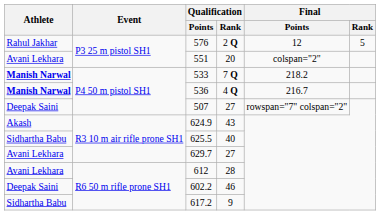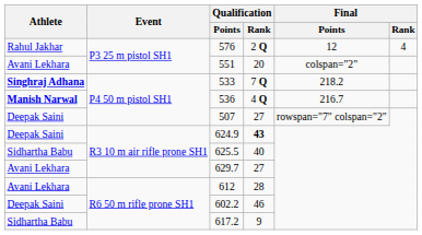 <table class=wikitable style="font-size:90%; text-align:center">
 <tr>
 <th rowspan="2">Athlete</th>
 <th rowspan="2">Event</th>
 <th colspan="2">Qualification</th>
 <th colspan="2">Final</th>
 </tr>
 <tr style="font-size:95%">
 <th>Points</th>
 <th>Rank</th>
 <th>Points</th>
 <th>Rank</th>
 </tr>
 <tr>
 <td align=left><a href='#'>Rahul Jakhar</a></td>
 <td align=left rowspan=2><a href='#'>P3 25 m pistol SH1</a></td>
 <td>576</td>
 <td>2 <strong>Q</strong></td>
 <td>12</td>
-<td>5</td>
+<td>4</td>
 </tr>
 <tr>
 <td align=left><a href='#'>Avani Lekhara</a></td>
 <td>551</td>
 <td>20</td>
 <td>colspan="2"</td>
 </tr>
 <tr>
-<td align=left><strong><a href='#'>Manish Narwal</a></strong></td>
+<td align=left><strong><a href='#'>Singhraj Adhana</a></strong></td>
 <td align=left rowspan=3><a href='#'>P4 50 m pistol SH1</a></td>
 <td>533</td>
 <td>7 <strong>Q</strong></td>
 <td>218.2 </td>
 <td></td>
 </tr>
 <tr>
 <td align=left><strong><a href='#'>Manish Narwal</a></strong></td>
 <td>536</td>
 <td>4 <strong>Q</strong></td>
 <td>216.7</td>
 <td></td>
 </tr>
 <tr>
 <td align=left><a href='#'>Deepak Saini</a></td>
 <td>507</td>
 <td>27</td>
 <td>rowspan="7" colspan="2"</td>
 </tr>
 <tr>
-<td align=left><a href='#'>Akash</a></td>
+<td align=left><a href='#'>Deepak Saini</a></td>
 <td align=left rowspan=3><a href='#'>R3 10 m air rifle prone SH1</a></td>
 <td>624.9</td>
-<td>43</td>
+<td><strong>43</strong></td>
 </tr>
 <tr>
 <td align=left><a href='#'>Sidhartha Babu</a></td>
 <td>625.5</td>
 <td>40</td>
 </tr>
 <tr>
 <td align=left><a href='#'>Avani Lekhara</a></td>
 <td>629.7</td>
 <td>27</td>
 </tr>
 <tr>
 <td align=left><a href='#'>Avani Lekhara</a></td>
 <td align=left rowspan=3><a href='#'>R6 50 m rifle prone SH1</a></td>
 <td>612</td>
 <td>28</td>
 </tr>
 <tr>
 <td align=left><a href='#'>Deepak Saini</a></td>
 <td>602.2</td>
 <td>46</td>
 </tr>
 <tr>
 <td align=left><a href='#'>Sidhartha Babu</a></td>
 <td>617.2</td>
 <td>9</td>
 </tr>
 </table>
